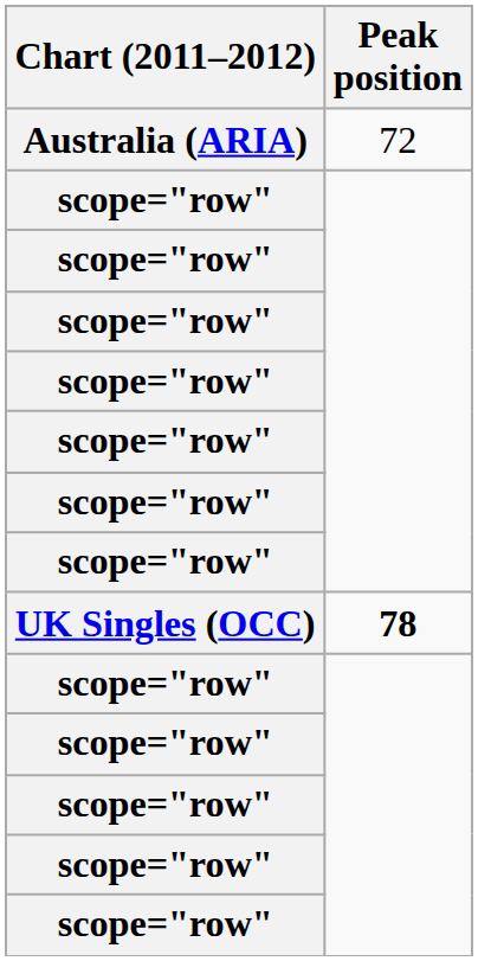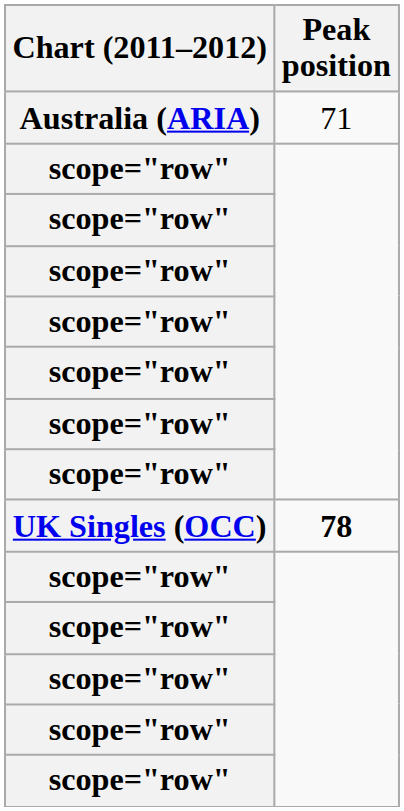 <table class="wikitable plainrowheaders sortable" style="text-align:center">
 <tr>
 <th scope="col">Chart (2011–2012)</th>
 <th scope="col">Peak<br>position</th>
 </tr>
 <tr>
 <th scope="row">Australia (<a href='#'>ARIA</a>)</th>
-<td>72</td>
+<td>71</td>
 </tr>
 <tr>
 <th>scope="row" </th>
 </tr>
 <tr>
 <th>scope="row" </th>
 </tr>
 <tr>
 <th>scope="row" </th>
 </tr>
 <tr>
 <th>scope="row" </th>
 </tr>
 <tr>
 <th>scope="row" </th>
 </tr>
 <tr>
 <th>scope="row" </th>
 </tr>
 <tr>
 <th>scope="row" </th>
 </tr>
 <tr>
 <th scope="row"><a href='#'>UK Singles</a> (<a href='#'>OCC</a>)</th>
 <td><strong>78</strong></td>
 </tr>
 <tr>
 <th>scope="row" </th>
 </tr>
 <tr>
 <th>scope="row" </th>
 </tr>
 <tr>
 <th>scope="row" </th>
 </tr>
 <tr>
 <th>scope="row" </th>
 </tr>
 <tr>
 <th>scope="row" </th>
 </tr>
 </table>
